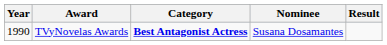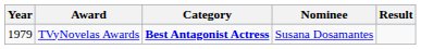 <table class="wikitable">
 <tr style="background:#b0c4de;">
 <th>Year</th>
 <th>Award</th>
 <th>Category</th>
 <th>Nominee</th>
 <th>Result</th>
 </tr>
 <tr>
-<td>1990</td>
+<td>1979</td>
 <td><a href='#'>TVyNovelas Awards</a></td>
 <td><strong><a href='#'>Best Antagonist Actress</a></strong></td>
 <td><a href='#'>Susana Dosamantes</a></td>
 <td></td>
 </tr>
 </table>
